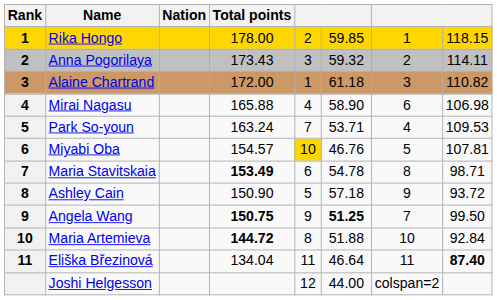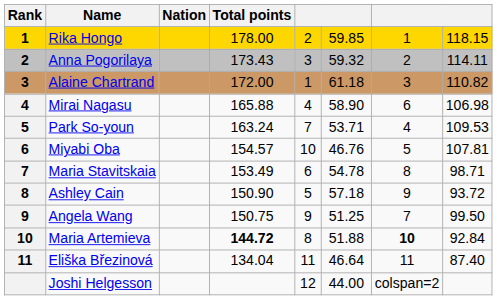 <table class="wikitable sortable">
 <tr>
 <th>Rank</th>
 <th>Name</th>
 <th>Nation</th>
 <th>Total points</th>
 <th colspan="2" width="80px"></th>
 <th colspan="2" width="80px"></th>
 </tr>
 <tr bgcolor="gold">
 <td align="center"><strong>1</strong></td>
 <td><a href='#'>Rika Hongo</a></td>
 <td></td>
 <td align="center">178.00</td>
 <td align="center">2</td>
 <td align="center">59.85</td>
 <td align="center">1</td>
 <td align="center">118.15</td>
 </tr>
 <tr bgcolor="silver">
 <td align="center"><strong>2</strong></td>
 <td><a href='#'>Anna Pogorilaya</a></td>
 <td></td>
 <td align="center">173.43</td>
 <td align="center">3</td>
 <td align="center">59.32</td>
 <td align="center">2</td>
 <td align="center">114.11</td>
 </tr>
 <tr bgcolor="cc9966">
 <td align="center"><strong>3</strong></td>
 <td><a href='#'>Alaine Chartrand</a></td>
 <td></td>
 <td align="center">172.00</td>
 <td align="center">1</td>
 <td align="center">61.18</td>
 <td align="center">3</td>
 <td align="center">110.82</td>
 </tr>
 <tr>
 <th>4</th>
 <td><a href='#'>Mirai Nagasu</a></td>
 <td></td>
 <td align="center">165.88</td>
 <td align="center">4</td>
 <td align="center">58.90</td>
 <td align="center">6</td>
 <td align="center">106.98</td>
 </tr>
 <tr>
 <th>5</th>
 <td><a href='#'>Park So-youn</a></td>
 <td></td>
 <td align="center">163.24</td>
 <td align="center">7</td>
 <td align="center">53.71</td>
 <td align="center">4</td>
 <td align="center">109.53</td>
 </tr>
 <tr>
 <th>6</th>
 <td><a href='#'>Miyabi Oba</a></td>
 <td></td>
 <td align="center">154.57</td>
-<td align="center" style="background: gold;">10</td>
+<td align="center">10</td>
 <td align="center">46.76</td>
 <td align="center">5</td>
 <td align="center">107.81</td>
 </tr>
 <tr>
 <th>7</th>
 <td><a href='#'>Maria Stavitskaia</a></td>
 <td></td>
-<td align="center"><strong>153.49</strong></td>
+<td align="center">153.49</td>
 <td align="center">6</td>
 <td align="center">54.78</td>
 <td align="center">8</td>
 <td align="center">98.71</td>
 </tr>
 <tr>
 <th>8</th>
 <td><a href='#'>Ashley Cain</a></td>
 <td></td>
 <td align="center">150.90</td>
 <td align="center">5</td>
 <td align="center">57.18</td>
 <td align="center">9</td>
 <td align="center">93.72</td>
 </tr>
 <tr>
 <th>9</th>
 <td><a href='#'>Angela Wang</a></td>
 <td></td>
-<td align="center"><strong>150.75</strong></td>
+<td align="center">150.75</td>
 <td align="center">9</td>
-<td align="center"><strong>51.25</strong></td>
+<td align="center">51.25</td>
 <td align="center">7</td>
 <td align="center">99.50</td>
 </tr>
 <tr>
 <th>10</th>
 <td><a href='#'>Maria Artemieva</a></td>
 <td></td>
 <td align="center"><strong>144.72</strong></td>
 <td align="center">8</td>
 <td align="center">51.88</td>
-<td align="center">10</td>
+<td align="center"><strong>10</strong></td>
 <td align="center">92.84</td>
 </tr>
 <tr>
 <th>11</th>
 <td><a href='#'>Eliška Březinová</a></td>
 <td></td>
 <td align="center">134.04</td>
 <td align="center">11</td>
 <td align="center">46.64</td>
 <td align="center">11</td>
-<td align="center"><strong>87.40</strong></td>
+<td align="center">87.40</td>
 </tr>
 <tr>
 <th></th>
 <td><a href='#'>Joshi Helgesson</a></td>
 <td></td>
 <td></td>
 <td align="center">12</td>
 <td align="center">44.00</td>
 <td>colspan=2 </td>
 </tr>
 </table>
